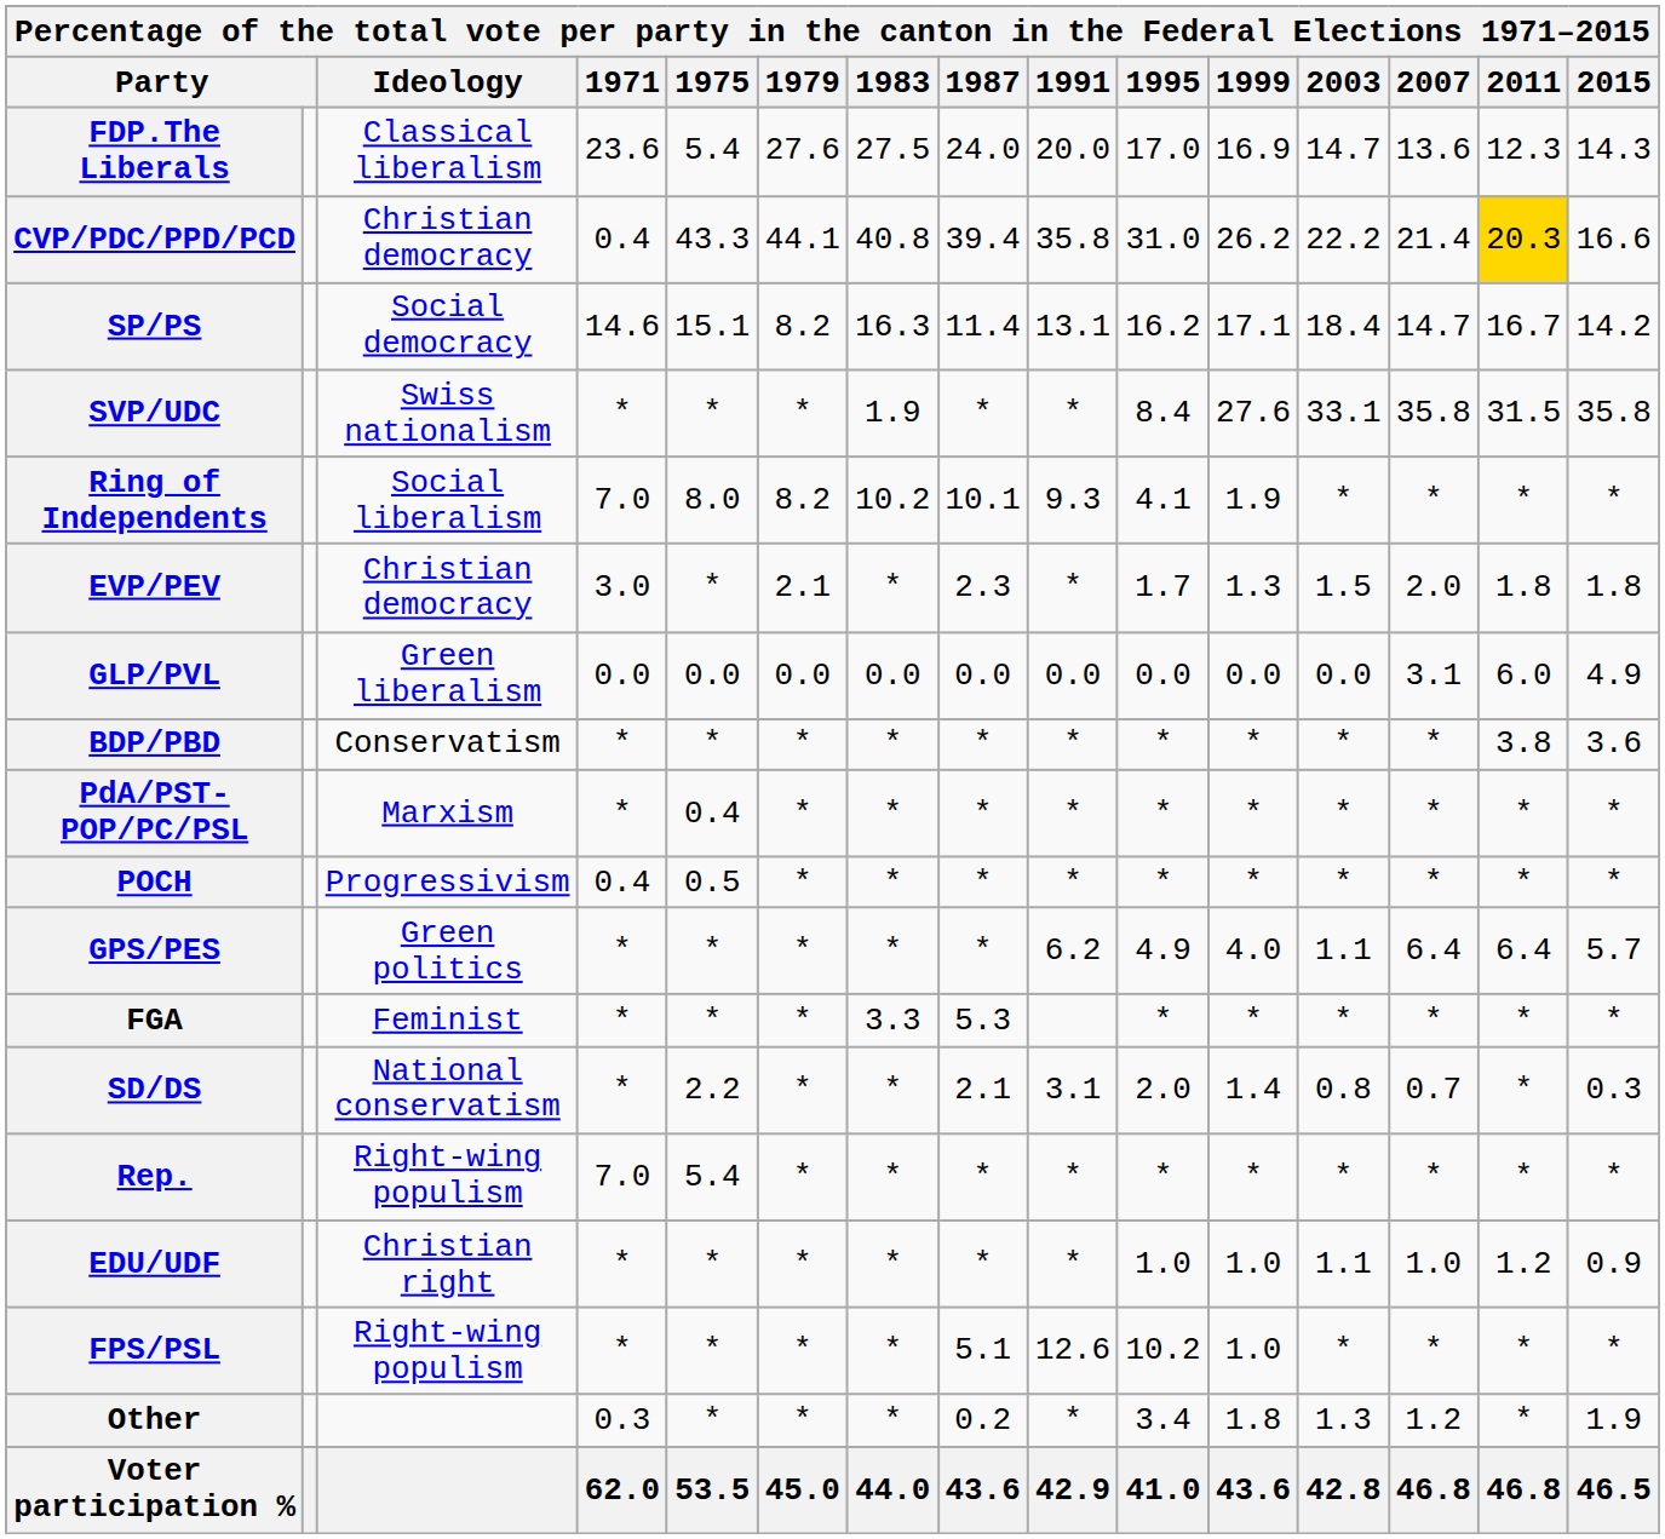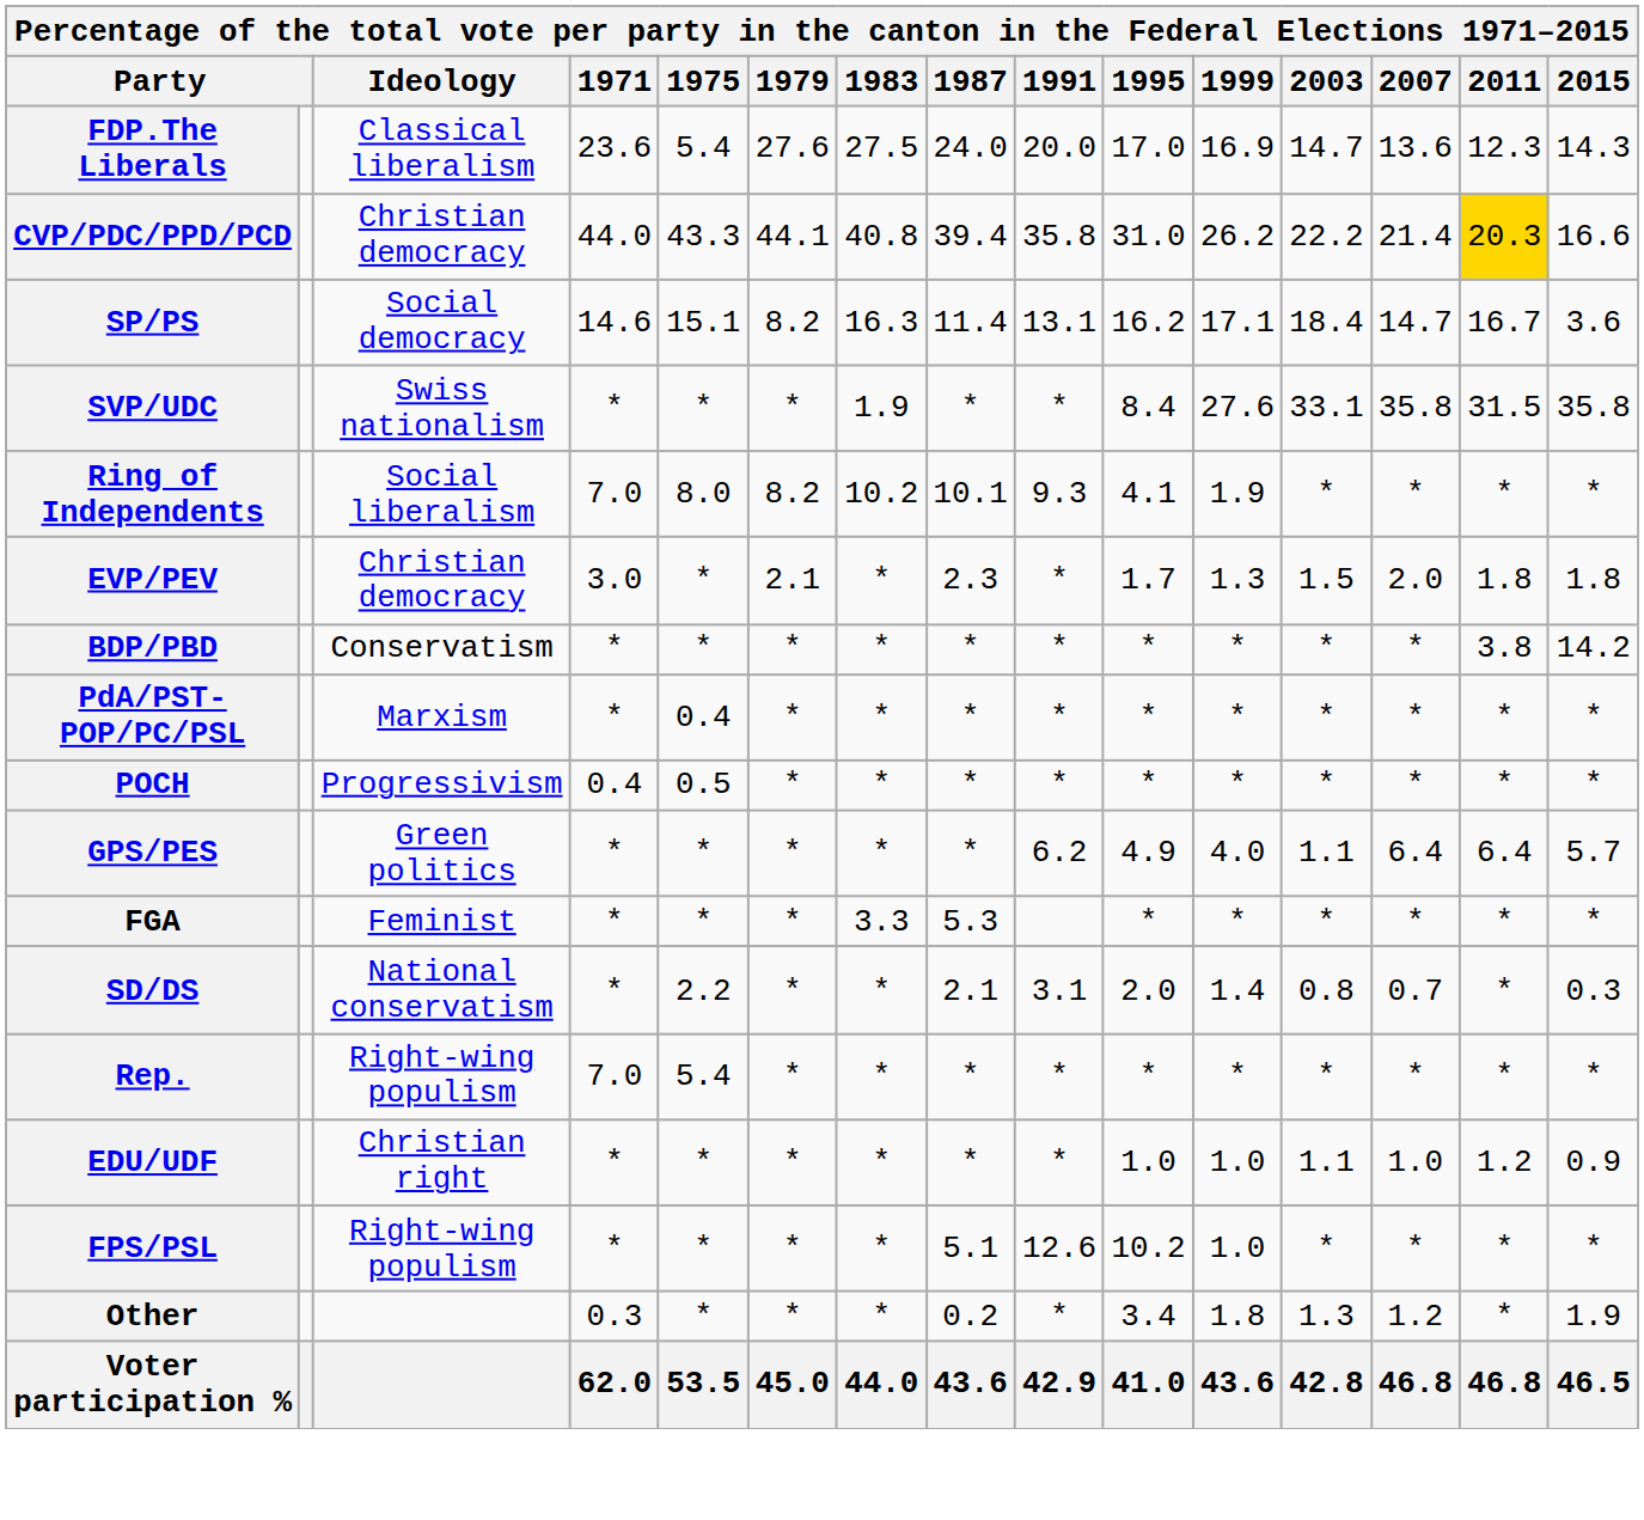 <table class="wikitable sortable" style ="text-align: center">
 <tr>
 <th colspan="15">Percentage of the total vote per party in the canton in the Federal Elections 1971–2015</th>
 </tr>
 <tr>
 <th colspan="2">Party</th>
 <th class="unsortable">Ideology</th>
 <th>1971</th>
 <th>1975</th>
 <th>1979</th>
 <th>1983</th>
 <th>1987</th>
 <th>1991</th>
 <th>1995</th>
 <th>1999</th>
 <th>2003</th>
 <th>2007</th>
 <th>2011</th>
 <th>2015</th>
 </tr>
 <tr>
 <th><a href='#'>FDP.The Liberals</a></th>
 <td></td>
 <td><a href='#'>Classical liberalism</a></td>
 <td>23.6</td>
 <td>5.4</td>
 <td>27.6</td>
 <td>27.5</td>
 <td>24.0</td>
 <td>20.0</td>
 <td>17.0</td>
 <td>16.9</td>
 <td>14.7</td>
 <td>13.6</td>
 <td>12.3</td>
 <td>14.3</td>
 </tr>
 <tr>
 <th><a href='#'>CVP/PDC/PPD/PCD</a></th>
 <td></td>
 <td><a href='#'>Christian democracy</a></td>
-<td>0.4</td>
+<td>44.0</td>
 <td>43.3</td>
 <td>44.1</td>
 <td>40.8</td>
 <td>39.4</td>
 <td>35.8</td>
 <td>31.0</td>
 <td>26.2</td>
 <td>22.2</td>
 <td>21.4</td>
 <td style="background: gold;">20.3</td>
 <td>16.6</td>
 </tr>
 <tr>
 <th><a href='#'>SP/PS</a></th>
 <td></td>
 <td><a href='#'>Social democracy</a></td>
 <td>14.6</td>
 <td>15.1</td>
 <td>8.2</td>
 <td>16.3</td>
 <td>11.4</td>
 <td>13.1</td>
 <td>16.2</td>
 <td>17.1</td>
 <td>18.4</td>
 <td>14.7</td>
 <td>16.7</td>
-<td>14.2</td>
+<td>3.6</td>
 </tr>
 <tr>
 <th><a href='#'>SVP/UDC</a></th>
 <td></td>
 <td><a href='#'>Swiss nationalism</a></td>
 <td>* </td>
 <td>*</td>
 <td>*</td>
 <td>1.9</td>
 <td>*</td>
 <td>*</td>
 <td>8.4</td>
 <td>27.6</td>
 <td>33.1</td>
 <td>35.8</td>
 <td>31.5</td>
 <td>35.8</td>
 </tr>
 <tr>
 <th><a href='#'>Ring of Independents</a></th>
 <td></td>
 <td><a href='#'>Social liberalism</a></td>
 <td>7.0</td>
 <td>8.0</td>
 <td>8.2</td>
 <td>10.2</td>
 <td>10.1</td>
 <td>9.3</td>
 <td>4.1</td>
 <td>1.9</td>
 <td>*</td>
 <td>*</td>
 <td>*</td>
 <td>*</td>
 </tr>
 <tr>
 <th><a href='#'>EVP/PEV</a></th>
 <td></td>
 <td><a href='#'>Christian democracy</a></td>
 <td>3.0</td>
 <td>*</td>
 <td>2.1</td>
 <td>*</td>
 <td>2.3</td>
 <td>*</td>
 <td>1.7</td>
 <td>1.3</td>
 <td>1.5</td>
 <td>2.0</td>
 <td>1.8</td>
 <td>1.8</td>
 </tr>
 <tr>
-<th><a href='#'>GLP/PVL</a></th>
-<td></td>
-<td><a href='#'>Green liberalism</a></td>
-<td>0.0</td>
-<td>0.0</td>
-<td>0.0</td>
-<td>0.0</td>
-<td>0.0</td>
-<td>0.0</td>
-<td>0.0</td>
-<td>0.0</td>
-<td>0.0</td>
-<td>3.1</td>
-<td>6.0</td>
-<td>4.9</td>
-</tr>
-<tr>
 <th><a href='#'>BDP/PBD</a></th>
 <td></td>
 <td>Conservatism</td>
 <td>*</td>
 <td>*</td>
 <td>*</td>
 <td>*</td>
 <td>*</td>
 <td>*</td>
 <td>*</td>
 <td>*</td>
 <td>*</td>
 <td>*</td>
 <td>3.8</td>
-<td>3.6</td>
+<td>14.2</td>
 </tr>
 <tr>
 <th><a href='#'>PdA/PST-POP/PC/PSL</a></th>
 <td></td>
 <td><a href='#'>Marxism</a></td>
 <td>*</td>
 <td>0.4</td>
 <td>*</td>
 <td>*</td>
 <td>*</td>
 <td>*</td>
 <td>*</td>
 <td>*</td>
 <td>*</td>
 <td>*</td>
 <td>*</td>
 <td>*</td>
 </tr>
 <tr>
 <th><a href='#'>POCH</a></th>
 <td></td>
 <td><a href='#'>Progressivism</a></td>
 <td>0.4</td>
 <td>0.5</td>
 <td>*</td>
 <td>*</td>
 <td>*</td>
 <td>*</td>
 <td>*</td>
 <td>*</td>
 <td>*</td>
 <td>*</td>
 <td>*</td>
 <td>*</td>
 </tr>
 <tr>
 <th><a href='#'>GPS/PES</a></th>
 <td></td>
 <td><a href='#'>Green politics</a></td>
 <td>*</td>
 <td>*</td>
 <td>*</td>
 <td>*</td>
 <td>*</td>
 <td>6.2</td>
 <td>4.9</td>
 <td>4.0</td>
 <td>1.1</td>
 <td>6.4</td>
 <td>6.4</td>
 <td>5.7</td>
 </tr>
 <tr>
 <th>FGA</th>
 <td></td>
 <td><a href='#'>Feminist</a></td>
 <td>*</td>
 <td>*</td>
 <td>*</td>
 <td>3.3</td>
 <td>5.3</td>
 <td></td>
 <td>*</td>
 <td>*</td>
 <td>*</td>
 <td>*</td>
 <td>*</td>
 <td>*</td>
 </tr>
 <tr>
 <th><a href='#'>SD/DS</a></th>
 <td></td>
 <td><a href='#'>National conservatism</a></td>
 <td>*</td>
 <td>2.2</td>
 <td>*</td>
 <td>*</td>
 <td>2.1</td>
 <td>3.1</td>
 <td>2.0</td>
 <td>1.4</td>
 <td>0.8</td>
 <td>0.7</td>
 <td>*</td>
 <td>0.3</td>
 </tr>
 <tr>
 <th><a href='#'>Rep.</a></th>
 <td></td>
 <td><a href='#'>Right-wing populism</a></td>
 <td>7.0</td>
 <td>5.4</td>
 <td>*</td>
 <td>*</td>
 <td>*</td>
 <td>*</td>
 <td>*</td>
 <td>*</td>
 <td>*</td>
 <td>*</td>
 <td>*</td>
 <td>*</td>
 </tr>
 <tr>
 <th><a href='#'>EDU/UDF</a></th>
 <td></td>
 <td><a href='#'>Christian right</a></td>
 <td>*</td>
 <td>*</td>
 <td>*</td>
 <td>*</td>
 <td>*</td>
 <td>*</td>
 <td>1.0</td>
 <td>1.0</td>
 <td>1.1</td>
 <td>1.0</td>
 <td>1.2</td>
 <td>0.9</td>
 </tr>
 <tr>
 <th><a href='#'>FPS/PSL</a></th>
 <td></td>
 <td><a href='#'>Right-wing populism</a></td>
 <td>*</td>
 <td>*</td>
 <td>*</td>
 <td>*</td>
 <td>5.1</td>
 <td>12.6</td>
 <td>10.2</td>
 <td>1.0</td>
 <td>*</td>
 <td>*</td>
 <td>*</td>
 <td>*</td>
 </tr>
 <tr>
 <th>Other</th>
 <td></td>
 <td></td>
 <td>0.3</td>
 <td>*</td>
 <td>*</td>
 <td>*</td>
 <td>0.2</td>
 <td>*</td>
 <td>3.4</td>
 <td>1.8</td>
 <td>1.3</td>
 <td>1.2</td>
 <td>*</td>
 <td>1.9</td>
 </tr>
 <tr>
 <th>Voter participation %</th>
 <th></th>
 <th></th>
 <th>62.0</th>
 <th>53.5</th>
 <th>45.0</th>
 <th>44.0</th>
 <th>43.6</th>
 <th>42.9</th>
 <th>41.0</th>
 <th>43.6</th>
 <th>42.8</th>
 <th>46.8</th>
 <th>46.8</th>
 <th>46.5</th>
 </tr>
 <tr>
 </tr>
 </table>
